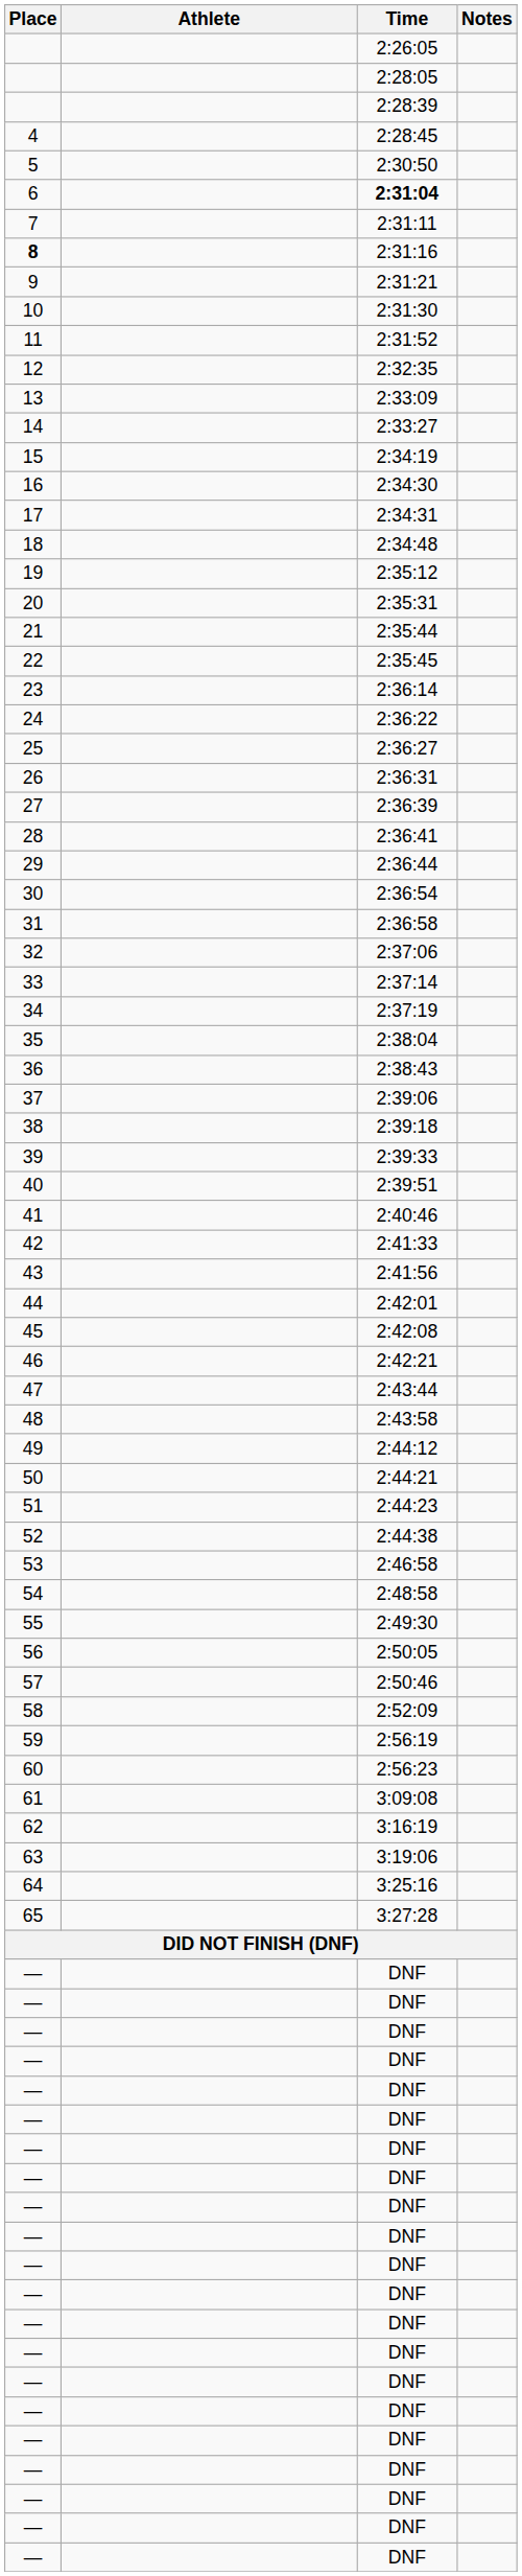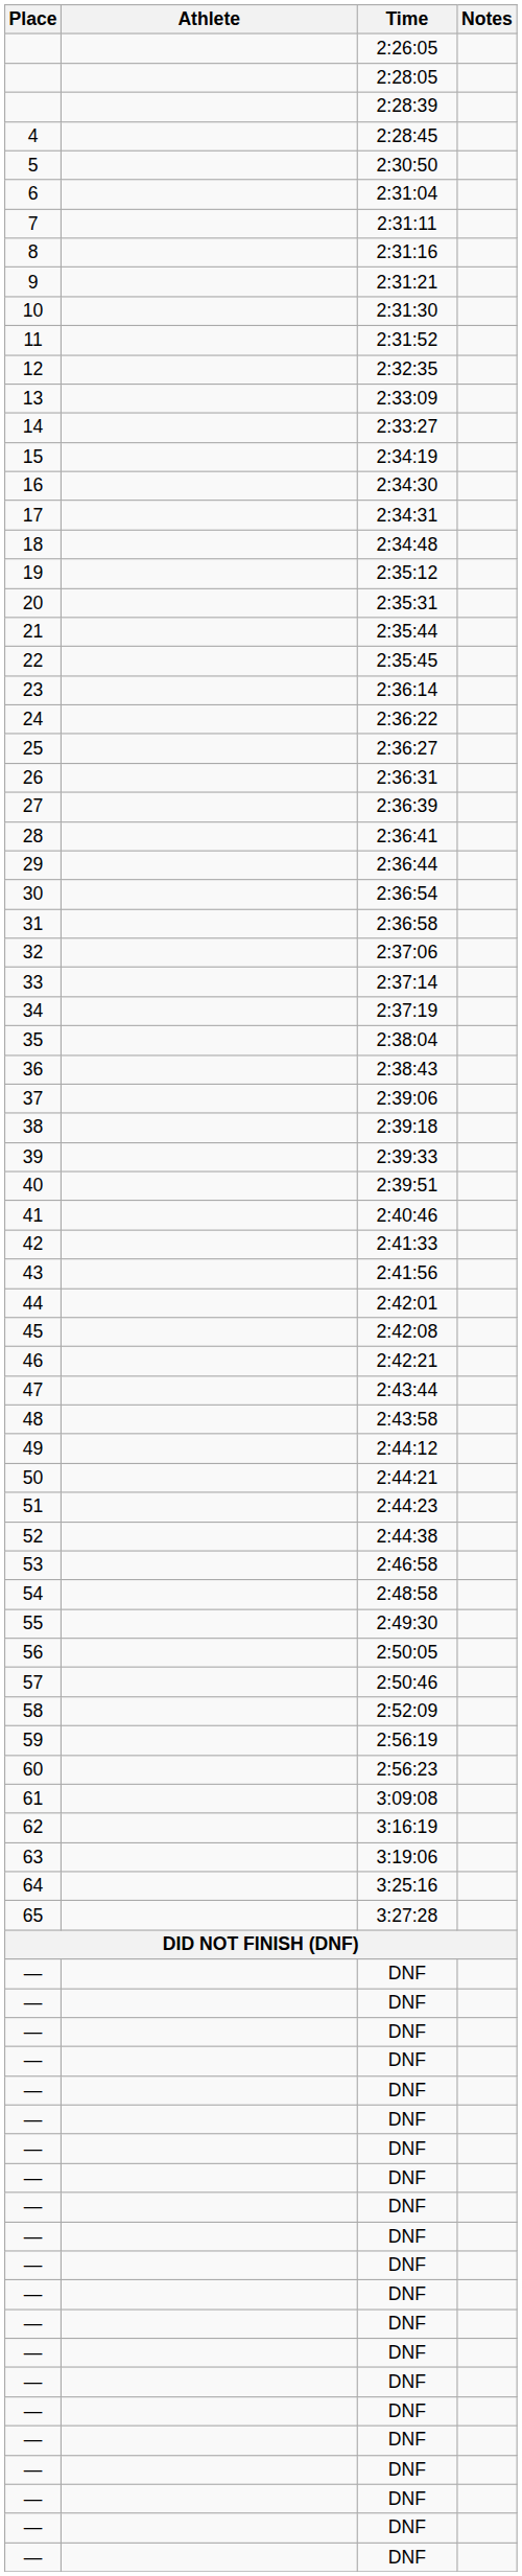 <table class=wikitable style="text-align:center">
 <tr>
 <th width=20>Place</th>
 <th width=250>Athlete</th>
 <th width=80>Time</th>
 <th>Notes</th>
 </tr>
 <tr>
 <td></td>
 <td align=left></td>
 <td>2:26:05</td>
 <td></td>
 </tr>
 <tr>
 <td></td>
 <td align=left></td>
 <td>2:28:05</td>
 <td></td>
 </tr>
 <tr>
 <td></td>
 <td align=left></td>
 <td>2:28:39</td>
 <td></td>
 </tr>
 <tr>
 <td>4</td>
 <td align=left></td>
 <td>2:28:45</td>
 <td></td>
 </tr>
 <tr>
 <td>5</td>
 <td align=left></td>
 <td>2:30:50</td>
 <td></td>
 </tr>
 <tr>
 <td>6</td>
 <td align=left></td>
-<td><strong>2:31:04</strong></td>
+<td>2:31:04</td>
 <td></td>
 </tr>
 <tr>
 <td>7</td>
 <td align=left></td>
 <td>2:31:11</td>
 <td></td>
 </tr>
 <tr>
-<td><strong>8</strong></td>
+<td>8</td>
 <td align=left></td>
 <td>2:31:16</td>
 <td></td>
 </tr>
 <tr>
 <td>9</td>
 <td align=left></td>
 <td>2:31:21</td>
 <td></td>
 </tr>
 <tr>
 <td>10</td>
 <td align=left></td>
 <td>2:31:30</td>
 <td></td>
 </tr>
 <tr>
 <td>11</td>
 <td align=left></td>
 <td>2:31:52</td>
 <td></td>
 </tr>
 <tr>
 <td>12</td>
 <td align=left></td>
 <td>2:32:35</td>
 <td></td>
 </tr>
 <tr>
 <td>13</td>
 <td align=left></td>
 <td>2:33:09</td>
 <td></td>
 </tr>
 <tr>
 <td>14</td>
 <td align=left></td>
 <td>2:33:27</td>
 <td></td>
 </tr>
 <tr>
 <td>15</td>
 <td align=left></td>
 <td>2:34:19</td>
 <td></td>
 </tr>
 <tr>
 <td>16</td>
 <td align=left></td>
 <td>2:34:30</td>
 <td></td>
 </tr>
 <tr>
 <td>17</td>
 <td align=left></td>
 <td>2:34:31</td>
 <td></td>
 </tr>
 <tr>
 <td>18</td>
 <td align=left></td>
 <td>2:34:48</td>
 <td></td>
 </tr>
 <tr>
 <td>19</td>
 <td align=left></td>
 <td>2:35:12</td>
 <td></td>
 </tr>
 <tr>
 <td>20</td>
 <td align=left></td>
 <td>2:35:31</td>
 <td></td>
 </tr>
 <tr>
 <td>21</td>
 <td align=left></td>
 <td>2:35:44</td>
 <td></td>
 </tr>
 <tr>
 <td>22</td>
 <td align=left></td>
 <td>2:35:45</td>
 <td></td>
 </tr>
 <tr>
 <td>23</td>
 <td align=left></td>
 <td>2:36:14</td>
 <td></td>
 </tr>
 <tr>
 <td>24</td>
 <td align=left></td>
 <td>2:36:22</td>
 <td></td>
 </tr>
 <tr>
 <td>25</td>
 <td align=left></td>
 <td>2:36:27</td>
 <td></td>
 </tr>
 <tr>
 <td>26</td>
 <td align=left></td>
 <td>2:36:31</td>
 <td></td>
 </tr>
 <tr>
 <td>27</td>
 <td align=left></td>
 <td>2:36:39</td>
 <td></td>
 </tr>
 <tr>
 <td>28</td>
 <td align=left></td>
 <td>2:36:41</td>
 <td></td>
 </tr>
 <tr>
 <td>29</td>
 <td align=left></td>
 <td>2:36:44</td>
 <td></td>
 </tr>
 <tr>
 <td>30</td>
 <td align=left></td>
 <td>2:36:54</td>
 <td></td>
 </tr>
 <tr>
 <td>31</td>
 <td align=left></td>
 <td>2:36:58</td>
 <td></td>
 </tr>
 <tr>
 <td>32</td>
 <td align=left></td>
 <td>2:37:06</td>
 <td></td>
 </tr>
 <tr>
 <td>33</td>
 <td align=left></td>
 <td>2:37:14</td>
 <td></td>
 </tr>
 <tr>
 <td>34</td>
 <td align=left></td>
 <td>2:37:19</td>
 <td></td>
 </tr>
 <tr>
 <td>35</td>
 <td align=left></td>
 <td>2:38:04</td>
 <td></td>
 </tr>
 <tr>
 <td>36</td>
 <td align=left></td>
 <td>2:38:43</td>
 <td></td>
 </tr>
 <tr>
 <td>37</td>
 <td align=left></td>
 <td>2:39:06</td>
 <td></td>
 </tr>
 <tr>
 <td>38</td>
 <td align=left></td>
 <td>2:39:18</td>
 <td></td>
 </tr>
 <tr>
 <td>39</td>
 <td align=left></td>
 <td>2:39:33</td>
 <td></td>
 </tr>
 <tr>
 <td>40</td>
 <td align=left></td>
 <td>2:39:51</td>
 <td></td>
 </tr>
 <tr>
 <td>41</td>
 <td align=left></td>
 <td>2:40:46</td>
 <td></td>
 </tr>
 <tr>
 <td>42</td>
 <td align=left></td>
 <td>2:41:33</td>
 <td></td>
 </tr>
 <tr>
 <td>43</td>
 <td align=left></td>
 <td>2:41:56</td>
 <td></td>
 </tr>
 <tr>
 <td>44</td>
 <td align=left></td>
 <td>2:42:01</td>
 <td></td>
 </tr>
 <tr>
 <td>45</td>
 <td align=left></td>
 <td>2:42:08</td>
 <td></td>
 </tr>
 <tr>
 <td>46</td>
 <td align=left></td>
 <td>2:42:21</td>
 <td></td>
 </tr>
 <tr>
 <td>47</td>
 <td align=left></td>
 <td>2:43:44</td>
 <td></td>
 </tr>
 <tr>
 <td>48</td>
 <td align=left></td>
 <td>2:43:58</td>
 <td></td>
 </tr>
 <tr>
 <td>49</td>
 <td align=left></td>
 <td>2:44:12</td>
 <td></td>
 </tr>
 <tr>
 <td>50</td>
 <td align=left></td>
 <td>2:44:21</td>
 <td></td>
 </tr>
 <tr>
 <td>51</td>
 <td align=left></td>
 <td>2:44:23</td>
 <td></td>
 </tr>
 <tr>
 <td>52</td>
 <td align=left></td>
 <td>2:44:38</td>
 <td></td>
 </tr>
 <tr>
 <td>53</td>
 <td align=left></td>
 <td>2:46:58</td>
 <td></td>
 </tr>
 <tr>
 <td>54</td>
 <td align=left></td>
 <td>2:48:58</td>
 <td></td>
 </tr>
 <tr>
 <td>55</td>
 <td align=left></td>
 <td>2:49:30</td>
 <td></td>
 </tr>
 <tr>
 <td>56</td>
 <td align=left></td>
 <td>2:50:05</td>
 <td></td>
 </tr>
 <tr>
 <td>57</td>
 <td align=left></td>
 <td>2:50:46</td>
 <td></td>
 </tr>
 <tr>
 <td>58</td>
 <td align=left></td>
 <td>2:52:09</td>
 <td></td>
 </tr>
 <tr>
 <td>59</td>
 <td align=left></td>
 <td>2:56:19</td>
 <td></td>
 </tr>
 <tr>
 <td>60</td>
 <td align=left></td>
 <td>2:56:23</td>
 <td></td>
 </tr>
 <tr>
 <td>61</td>
 <td align=left></td>
 <td>3:09:08</td>
 <td></td>
 </tr>
 <tr>
 <td>62</td>
 <td align=left></td>
 <td>3:16:19</td>
 <td></td>
 </tr>
 <tr>
 <td>63</td>
 <td align=left></td>
 <td>3:19:06</td>
 <td></td>
 </tr>
 <tr>
 <td>64</td>
 <td align=left></td>
 <td>3:25:16</td>
 <td></td>
 </tr>
 <tr>
 <td>65</td>
 <td align=left></td>
 <td>3:27:28</td>
 <td></td>
 </tr>
 <tr>
 <th colspan="4">DID NOT FINISH (DNF)</th>
 </tr>
 <tr>
 <td>—</td>
 <td align=left></td>
 <td>DNF</td>
 <td></td>
 </tr>
 <tr>
 <td>—</td>
 <td align=left></td>
 <td>DNF</td>
 <td></td>
 </tr>
 <tr>
 <td>—</td>
 <td align=left></td>
 <td>DNF</td>
 <td></td>
 </tr>
 <tr>
 <td>—</td>
 <td align=left></td>
 <td>DNF</td>
 <td></td>
 </tr>
 <tr>
 <td>—</td>
 <td align=left></td>
 <td>DNF</td>
 <td></td>
 </tr>
 <tr>
 <td>—</td>
 <td align=left></td>
 <td>DNF</td>
 <td></td>
 </tr>
 <tr>
 <td>—</td>
 <td align=left></td>
 <td>DNF</td>
 <td></td>
 </tr>
 <tr>
 <td>—</td>
 <td align=left></td>
 <td>DNF</td>
 <td></td>
 </tr>
 <tr>
 <td>—</td>
 <td align=left></td>
 <td>DNF</td>
 <td></td>
 </tr>
 <tr>
 <td>—</td>
 <td align=left></td>
 <td>DNF</td>
 <td></td>
 </tr>
 <tr>
 <td>—</td>
 <td align=left></td>
 <td>DNF</td>
 <td></td>
 </tr>
 <tr>
 <td>—</td>
 <td align=left></td>
 <td>DNF</td>
 <td></td>
 </tr>
 <tr>
 <td>—</td>
 <td align=left></td>
 <td>DNF</td>
 <td></td>
 </tr>
 <tr>
 <td>—</td>
 <td align=left></td>
 <td>DNF</td>
 <td></td>
 </tr>
 <tr>
 <td>—</td>
 <td align=left></td>
 <td>DNF</td>
 <td></td>
 </tr>
 <tr>
 <td>—</td>
 <td align=left></td>
 <td>DNF</td>
 <td></td>
 </tr>
 <tr>
 <td>—</td>
 <td align=left></td>
 <td>DNF</td>
 <td></td>
 </tr>
 <tr>
 <td>—</td>
 <td align=left></td>
 <td>DNF</td>
 <td></td>
 </tr>
 <tr>
 <td>—</td>
 <td align=left></td>
 <td>DNF</td>
 <td></td>
 </tr>
 <tr>
 <td>—</td>
 <td align=left></td>
 <td>DNF</td>
 <td></td>
 </tr>
 <tr>
 <td>—</td>
 <td align=left></td>
 <td>DNF</td>
 <td></td>
 </tr>
 </table>
